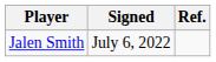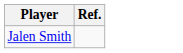 <table class="wikitable sortable sortable" style="text-align: center">
 <tr>
 <th>Player</th>
-<th>Signed</th>
 <th>Ref.</th>
 </tr>
 <tr>
 <td><a href='#'>Jalen Smith</a></td>
-<td>July 6, 2022</td>
 <td></td>
 </tr>
 </table>
